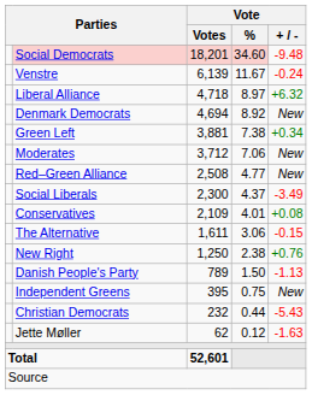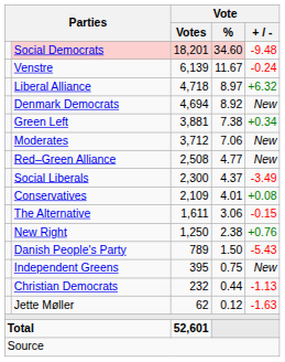 <table class="wikitable" style="text-align:right;">
 <tr>
 <th style="text-align:centre;" rowspan="2" colspan="2" width="225">Parties</th>
 <th colspan="3">Vote</th>
 </tr>
 <tr>
 <th width="15">Votes</th>
 <th width="15">%</th>
 <th width="15">+ / -</th>
 </tr>
 <tr>
 <td width="2" style="color:inherit;background:"></td>
 <td bgcolor=#fbd0ce  align="left"><a href='#'>Social Democrats</a></td>
 <td bgcolor=#fbd0ce>18,201</td>
 <td bgcolor=#fbd0ce>34.60</td>
 <td style=color:red;>-9.48</td>
 </tr>
 <tr>
 <td width="2" style="color:inherit;background:"></td>
 <td align="left"><a href='#'>Venstre</a></td>
 <td>6,139</td>
 <td>11.67</td>
 <td style=color:red;>-0.24</td>
 </tr>
 <tr>
 <td width="2" style="color:inherit;background:"></td>
 <td align="left"><a href='#'>Liberal Alliance</a></td>
 <td>4,718</td>
 <td>8.97</td>
 <td style=color:green;>+6.32</td>
 </tr>
 <tr>
 <td width="2" style="color:inherit;background:"></td>
 <td align="left"><a href='#'>Denmark Democrats</a></td>
 <td>4,694</td>
 <td>8.92</td>
 <td><em>New</em></td>
 </tr>
 <tr>
 <td width="2" style="color:inherit;background:"></td>
 <td align="left"><a href='#'>Green Left</a></td>
 <td>3,881</td>
 <td>7.38</td>
 <td style=color:green;>+0.34</td>
 </tr>
 <tr>
 <td width="2" style="color:inherit;background:"></td>
 <td align="left"><a href='#'>Moderates</a></td>
 <td>3,712</td>
 <td>7.06</td>
 <td><em>New</em></td>
 </tr>
 <tr>
 <td width="2" style="color:inherit;background:"></td>
 <td align="left"><a href='#'>Red–Green Alliance</a></td>
 <td>2,508</td>
 <td>4.77</td>
 <td><em>New</em></td>
 </tr>
 <tr>
 <td width="2" style="color:inherit;background:"></td>
 <td align="left"><a href='#'>Social Liberals</a></td>
 <td>2,300</td>
 <td>4.37</td>
 <td style=color:red;>-3.49</td>
 </tr>
 <tr>
 <td width="2" style="color:inherit;background:"></td>
 <td align="left"><a href='#'>Conservatives</a></td>
 <td>2,109</td>
 <td>4.01</td>
 <td style=color:green;>+0.08</td>
 </tr>
 <tr>
 <td width="2" style="color:inherit;background:"></td>
 <td align="left"><a href='#'>The Alternative</a></td>
 <td>1,611</td>
 <td>3.06</td>
 <td style=color:red;>-0.15</td>
 </tr>
 <tr>
 <td width="2" style="color:inherit;background:"></td>
 <td align="left"><a href='#'>New Right</a></td>
 <td>1,250</td>
 <td>2.38</td>
 <td style=color:green;>+0.76</td>
 </tr>
 <tr>
 <td width="2" style="color:inherit;background:"></td>
 <td align="left"><a href='#'>Danish People's Party</a></td>
 <td>789</td>
 <td>1.50</td>
-<td style=color:red;>-1.13</td>
+<td style=color:red;>-5.43</td>
 </tr>
 <tr>
 <td width="2" style="color:inherit;background:"></td>
 <td align="left"><a href='#'>Independent Greens</a></td>
 <td>395</td>
 <td>0.75</td>
 <td><em>New</em></td>
 </tr>
 <tr>
 <td width="2" style="color:inherit;background:"></td>
 <td align="left"><a href='#'>Christian Democrats</a></td>
 <td>232</td>
 <td>0.44</td>
-<td style=color:red;>-5.43</td>
+<td style=color:red;>-1.13</td>
 </tr>
 <tr>
 <td width="2" style="color:inherit;background:"></td>
 <td align="left">Jette Møller</td>
 <td>62</td>
 <td>0.12</td>
 <td style=color:red;>-1.63</td>
 </tr>
 <tr>
 <td colspan="7" bgcolor="#E9E9E9"></td>
 </tr>
 <tr>
 <td align="left" colspan="2"><strong>Total</strong></td>
 <td><strong>52,601</strong></td>
 <td bgcolor="#E9E9E9" colspan="2"></td>
 </tr>
 <tr>
 <td align="left" colspan="6">Source</td>
 </tr>
 </table>
